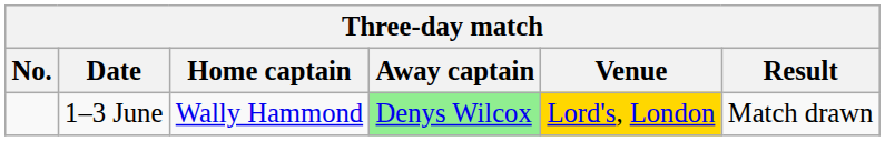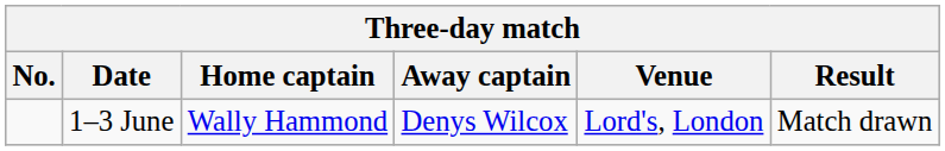 <table class="wikitable">
 <tr>
 <th colspan="9">Three-day match</th>
 </tr>
 <tr>
 <th>No.</th>
 <th>Date</th>
 <th>Home captain</th>
 <th>Away captain</th>
 <th>Venue</th>
 <th>Result</th>
 </tr>
 <tr>
 <td></td>
 <td>1–3 June</td>
 <td><a href='#'>Wally Hammond</a></td>
-<td style="background: lightgreen;"><a href='#'>Denys Wilcox</a></td>
-<td style="background: gold;"><a href='#'>Lord's</a>, <a href='#'>London</a></td>
+<td><a href='#'>Denys Wilcox</a></td>
+<td><a href='#'>Lord's</a>, <a href='#'>London</a></td>
 <td>Match drawn</td>
 </tr>
 </table>
